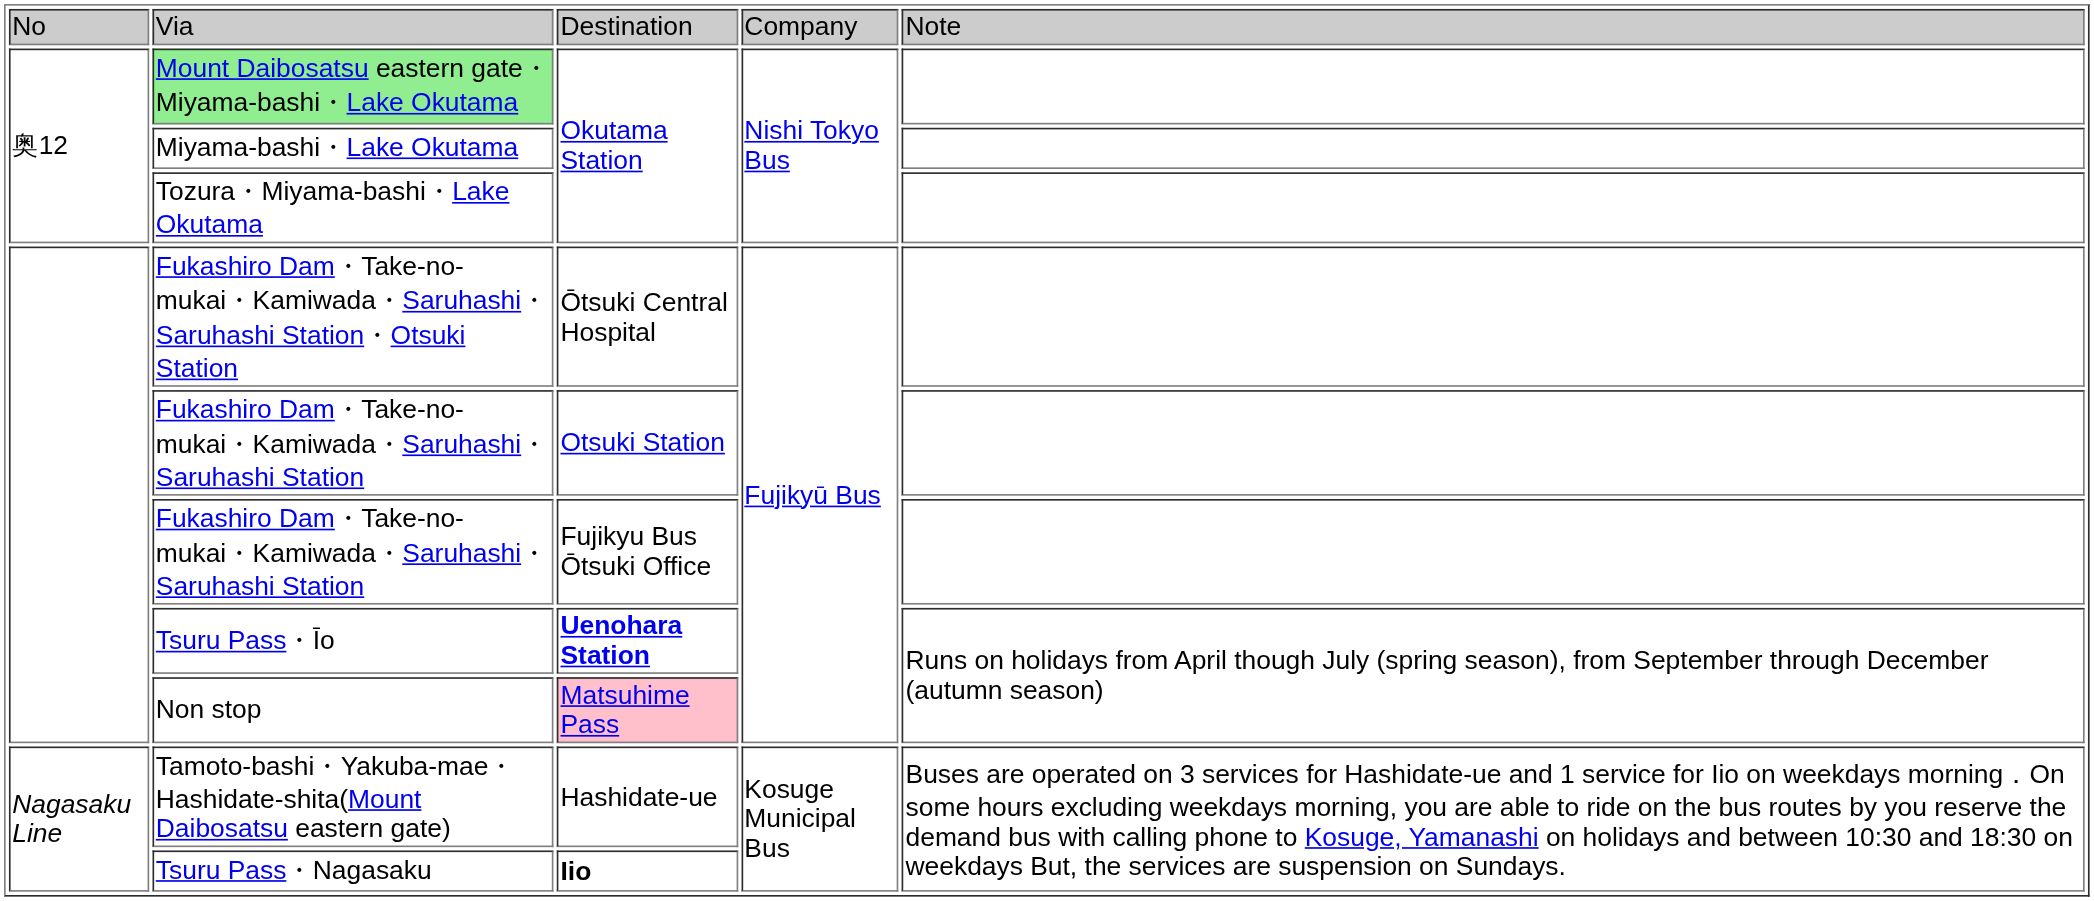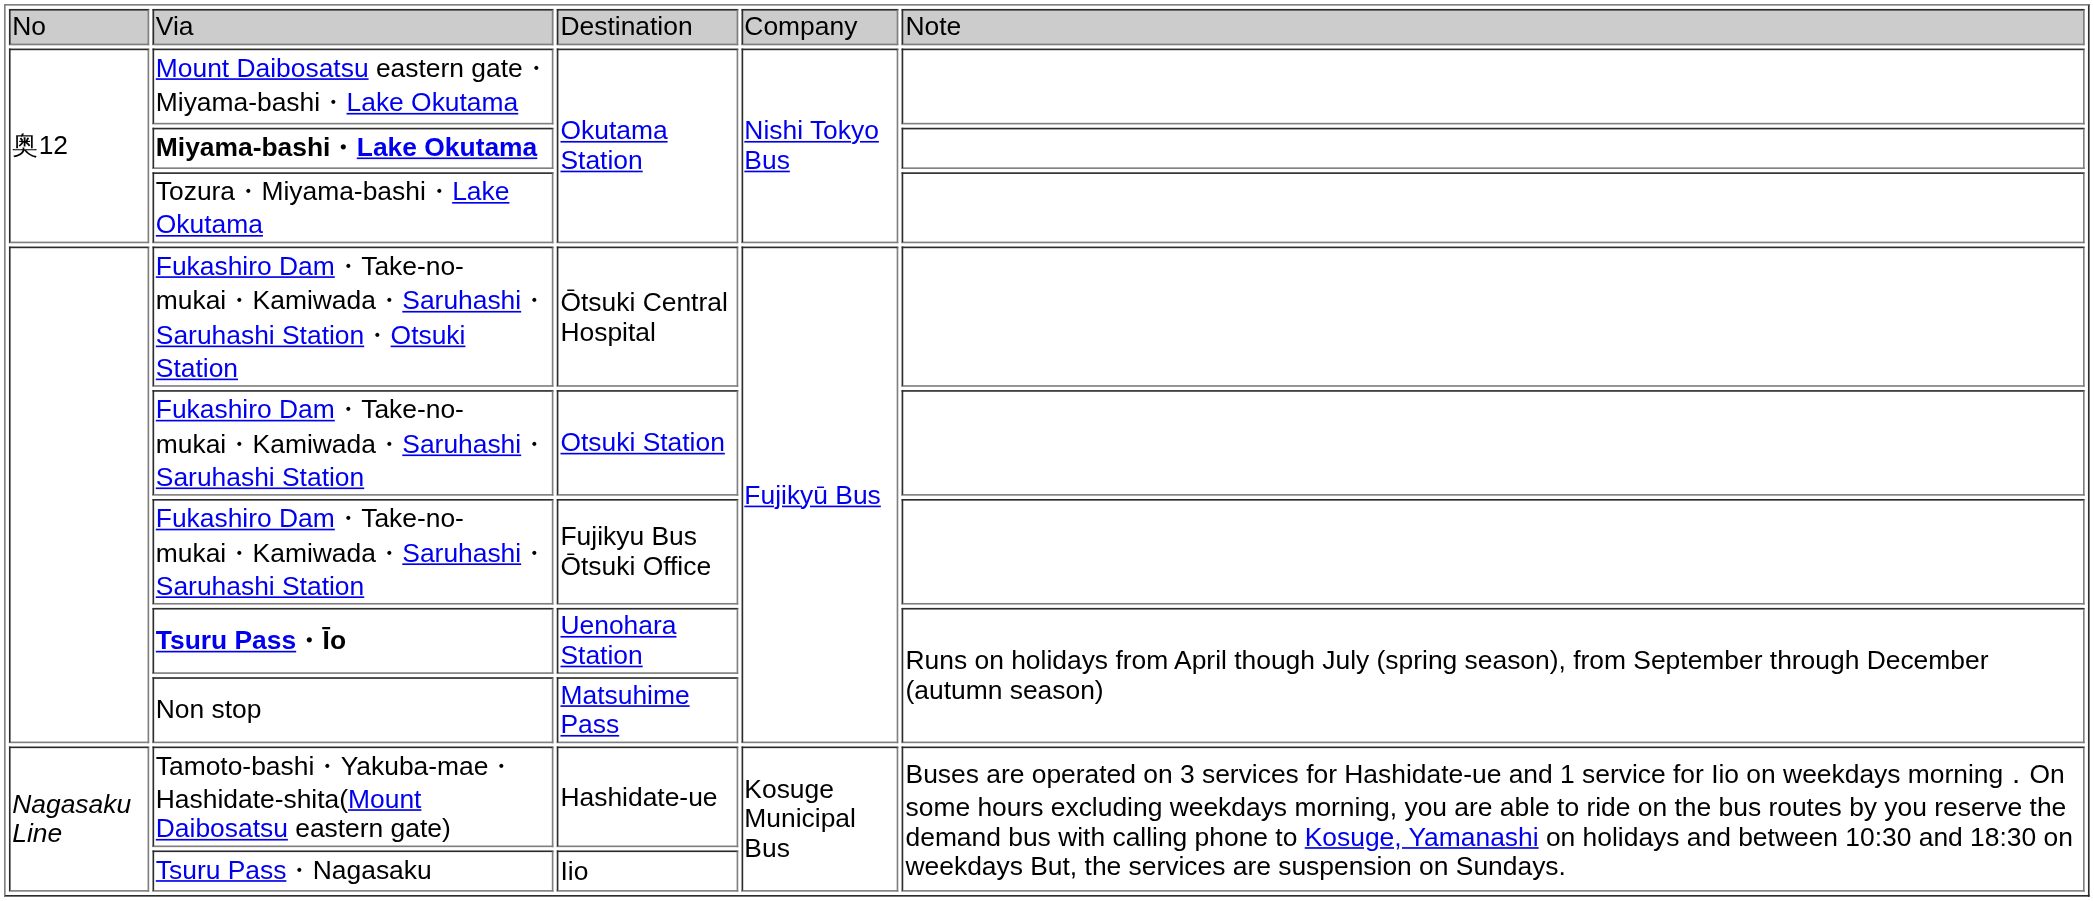 <table border="1">
 <tr bgcolor="#cccccc">
 <td>No</td>
 <td>Via</td>
 <td>Destination</td>
 <td>Company</td>
 <td>Note</td>
 </tr>
 <tr>
 <td rowspan="3">奥12</td>
-<td style="background: lightgreen;"><a href='#'>Mount Daibosatsu</a> eastern gate・Miyama-bashi・<a href='#'>Lake Okutama</a></td>
+<td><a href='#'>Mount Daibosatsu</a> eastern gate・Miyama-bashi・<a href='#'>Lake Okutama</a></td>
 <td rowspan="3"><a href='#'>Okutama Station</a></td>
 <td rowspan="3"><a href='#'>Nishi Tokyo Bus</a></td>
 <td></td>
 </tr>
 <tr>
-<td>Miyama-bashi・<a href='#'>Lake Okutama</a></td>
+<td><strong>Miyama-bashi・<a href='#'>Lake Okutama</a></strong></td>
 <td></td>
 </tr>
 <tr>
 <td>Tozura・Miyama-bashi・<a href='#'>Lake Okutama</a></td>
 <td></td>
 </tr>
 <tr>
 <td rowspan="5"></td>
 <td><a href='#'>Fukashiro Dam</a>・Take-no-mukai・Kamiwada・<a href='#'>Saruhashi</a>・<a href='#'>Saruhashi Station</a>・<a href='#'>Otsuki Station</a></td>
 <td>Ōtsuki Central Hospital</td>
 <td rowspan="5"><a href='#'>Fujikyū Bus</a></td>
 <td></td>
 </tr>
 <tr>
 <td><a href='#'>Fukashiro Dam</a>・Take-no-mukai・Kamiwada・<a href='#'>Saruhashi</a>・<a href='#'>Saruhashi Station</a></td>
 <td><a href='#'>Otsuki Station</a></td>
 <td></td>
 </tr>
 <tr>
 <td><a href='#'>Fukashiro Dam</a>・Take-no-mukai・Kamiwada・<a href='#'>Saruhashi</a>・<a href='#'>Saruhashi Station</a></td>
 <td>Fujikyu Bus Ōtsuki Office</td>
 <td></td>
 </tr>
 <tr>
-<td><a href='#'>Tsuru Pass</a>・Īo</td>
-<td><strong><a href='#'>Uenohara Station</a></strong></td>
+<td><strong><a href='#'>Tsuru Pass</a>・Īo</strong></td>
+<td><a href='#'>Uenohara Station</a></td>
 <td rowspan="2">Runs on holidays from April though July (spring season), from September through December (autumn season)</td>
 </tr>
 <tr>
 <td>Non stop</td>
-<td style="background: pink;"><a href='#'>Matsuhime Pass</a></td>
+<td><a href='#'>Matsuhime Pass</a></td>
 </tr>
 <tr>
 <td rowspan="2"><em>Nagasaku Line</em></td>
 <td>Tamoto-bashi・Yakuba-mae・Hashidate-shita(<a href='#'>Mount Daibosatsu</a> eastern gate)</td>
 <td>Hashidate-ue</td>
 <td rowspan="2">Kosuge Municipal Bus</td>
 <td rowspan="2">Buses are operated on 3 services for Hashidate-ue and 1 service for Iio on weekdays morning．On some hours excluding weekdays morning, you are able to ride on the bus routes by you reserve the demand bus with calling phone to <a href='#'>Kosuge, Yamanashi</a> on holidays and between 10:30 and 18:30 on weekdays But, the services are suspension on Sundays.</td>
 </tr>
 <tr>
 <td><a href='#'>Tsuru Pass</a>・Nagasaku</td>
-<td><strong>Iio</strong></td>
+<td>Iio</td>
 </tr>
 </table>
